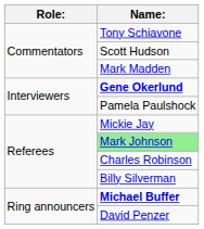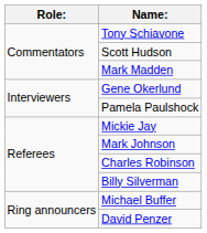 <table class=wikitable style="font-size:90%; margin: 0.5em 0 0.5em 1em; float: right; clear: right;">
 <tr>
 <th>Role:</th>
 <th>Name:</th>
 </tr>
 <tr>
 <td rowspan=3>Commentators</td>
 <td><a href='#'>Tony Schiavone</a></td>
 </tr>
 <tr>
 <td>Scott Hudson</td>
 </tr>
 <tr>
 <td><a href='#'>Mark Madden</a></td>
 </tr>
 <tr>
 <td rowspan=2>Interviewers</td>
-<td><strong><a href='#'>Gene Okerlund</a></strong></td>
+<td><a href='#'>Gene Okerlund</a></td>
 </tr>
 <tr>
 <td>Pamela Paulshock</td>
 </tr>
 <tr>
 <td rowspan=4>Referees</td>
 <td><a href='#'>Mickie Jay</a></td>
 </tr>
 <tr>
-<td style="background: lightgreen;"><a href='#'>Mark Johnson</a></td>
+<td><a href='#'>Mark Johnson</a></td>
 </tr>
 <tr>
 <td><a href='#'>Charles Robinson</a></td>
 </tr>
 <tr>
 <td><a href='#'>Billy Silverman</a></td>
 </tr>
 <tr>
 <td rowspan=2>Ring announcers</td>
-<td><strong><a href='#'>Michael Buffer</a></strong></td>
+<td><a href='#'>Michael Buffer</a></td>
 </tr>
 <tr>
 <td><a href='#'>David Penzer</a></td>
 </tr>
 </table>
